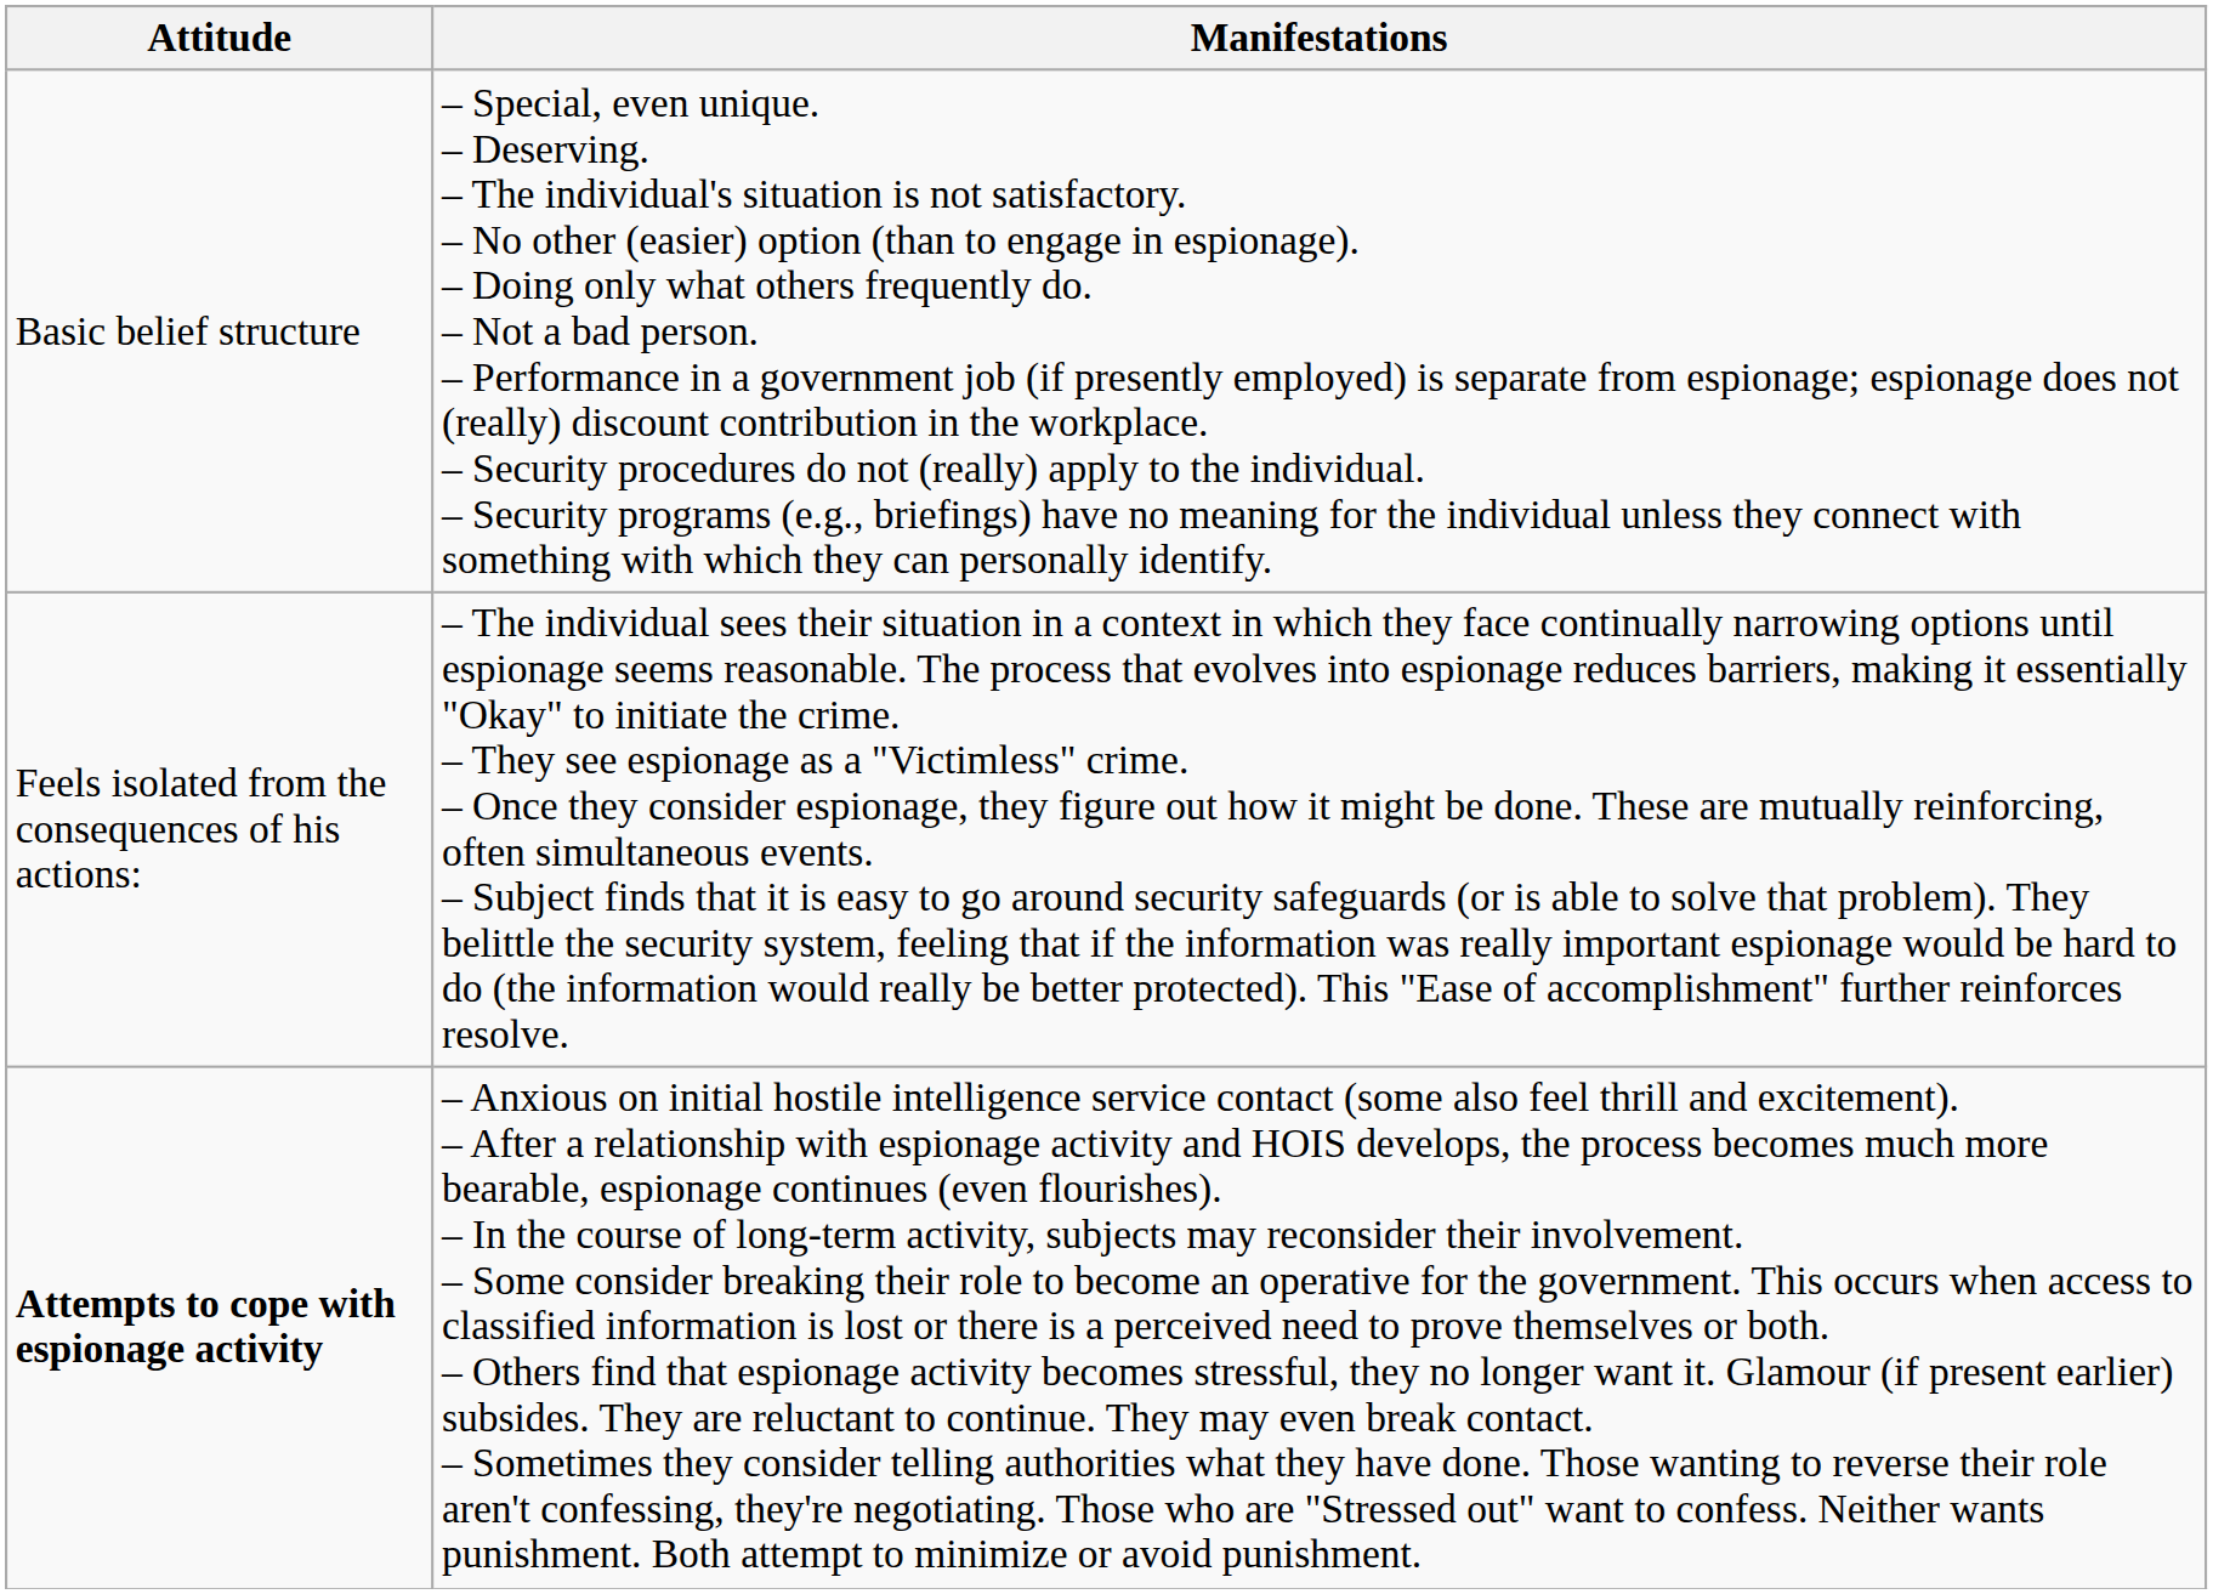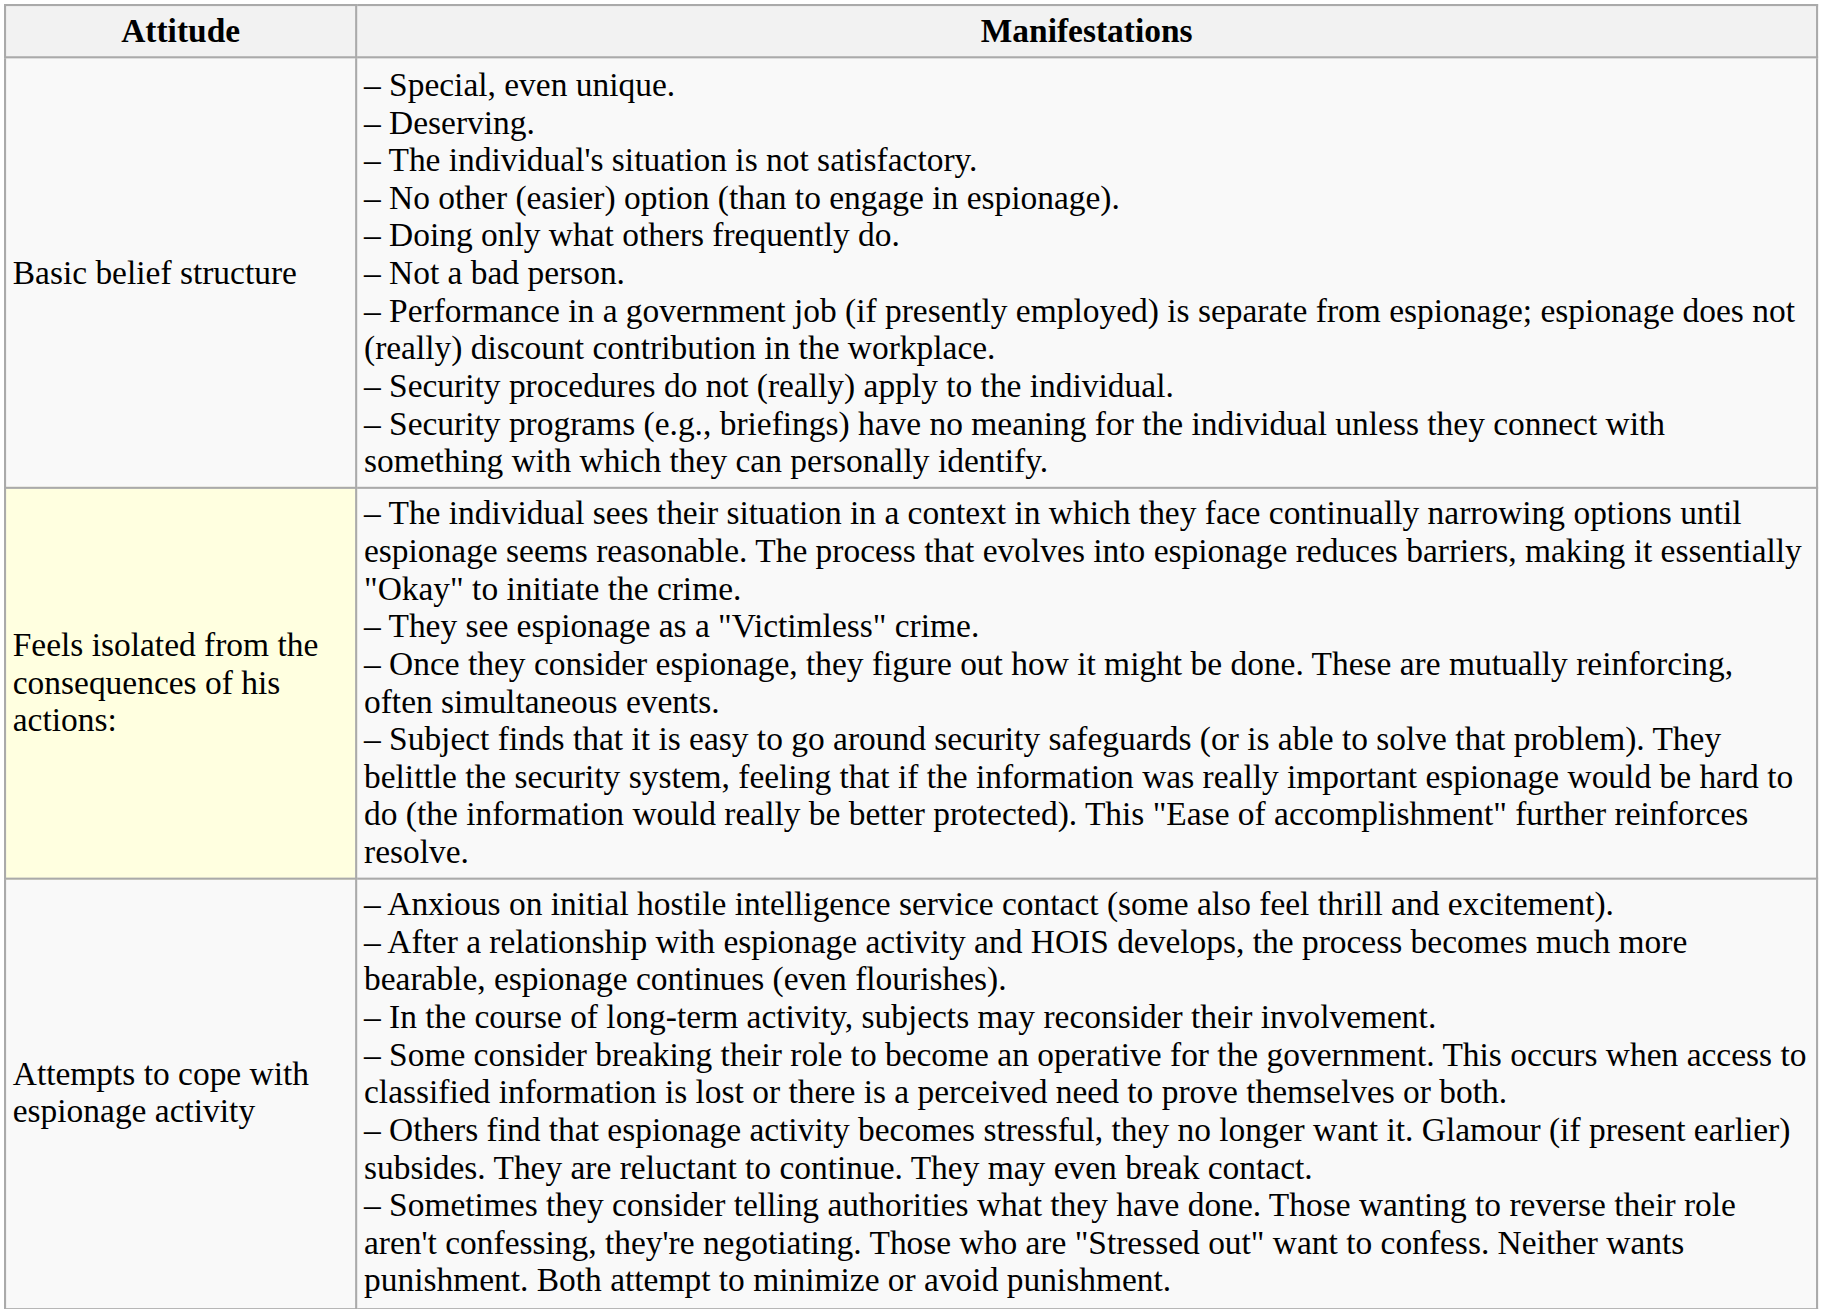 <table class="wikitable">
 <tr>
 <th>Attitude</th>
 <th>Manifestations</th>
 </tr>
 <tr>
 <td>Basic belief structure</td>
 <td>– Special, even unique.<br>– Deserving.<br>– The individual's situation is not satisfactory.<br>– No other (easier) option (than to engage in espionage).<br>– Doing only what others frequently do.<br>– Not a bad person.<br>– Performance in a government job (if presently employed) is separate from espionage; espionage does not (really) discount contribution in the workplace.<br>– Security procedures do not (really) apply to the individual.<br>– Security programs (e.g., briefings) have no meaning for the individual unless they connect with something with which they can personally identify.</td>
 </tr>
 <tr>
-<td>Feels isolated from the consequences of his actions:</td>
+<td style="background: lightyellow;">Feels isolated from the consequences of his actions:</td>
 <td>– The individual sees their situation in a context in which they face continually narrowing options until espionage seems reasonable. The process that evolves into espionage reduces barriers, making it essentially "Okay" to initiate the crime.<br>– They see espionage as a "Victimless" crime.<br>– Once they consider espionage, they figure out how it might be done. These are mutually reinforcing, often simultaneous events.<br>– Subject finds that it is easy to go around security safeguards (or is able to solve that problem). They belittle the security system, feeling that if the information was really important espionage would be hard to do (the information would really be better protected). This "Ease of accomplishment" further reinforces resolve.</td>
 </tr>
 <tr>
-<td><strong>Attempts to cope with espionage activity</strong></td>
+<td>Attempts to cope with espionage activity</td>
 <td>– Anxious on initial hostile intelligence service contact (some also feel thrill and excitement).<br>– After a relationship with espionage activity and HOIS develops, the process becomes much more bearable, espionage continues  (even flourishes).<br>– In the course of long-term activity, subjects may reconsider their involvement.<br>– Some consider breaking their role to become an operative for the government. This occurs when access to classified information is lost or there is a perceived need to prove themselves or both.<br>– Others find that espionage activity becomes stressful, they no longer want it. Glamour (if present earlier) subsides. They are reluctant to continue. They may even break contact.<br>– Sometimes they consider telling authorities what they have done. Those wanting to reverse their role aren't confessing, they're negotiating. Those who are "Stressed out" want to confess. Neither wants punishment. Both attempt to minimize or avoid punishment.</td>
 </tr>
 </table>
